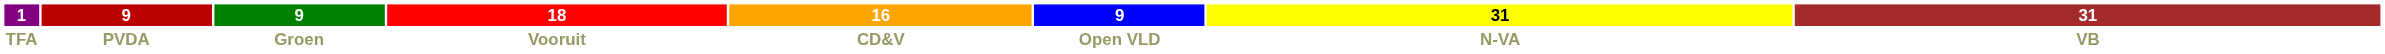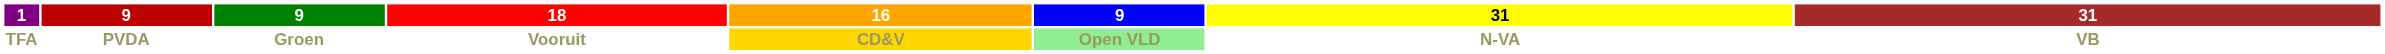 <table style="width:100%; font-size:88%; text-align:center;">
 <tr style="font-weight:bold">
 <td style="background:purple; width:0.83%; color:white">1</td>
 <td style="background:#BB0000; width:7.26%; color:white">9</td>
 <td style="background:green; width:7.26%; color:white">9</td>
 <td style="background:red; width:14.52%; color:white">18</td>
 <td style="background:orange; width:12.90%; color:white">16</td>
 <td style="background:blue; width:7.26%; color:white">9</td>
 <td style="background:yellow; width:25%; color:black">31</td>
 <td style="background:brown; width:25%; color:white">31</td>
 </tr>
 <tr style="font-weight:bold; color:#996;">
 <td>TFA</td>
 <td>PVDA</td>
 <td>Groen</td>
 <td>Vooruit</td>
-<td>CD&V</td>
-<td>Open VLD</td>
+<td style="background: gold;">CD&V</td>
+<td style="background: lightgreen;">Open VLD</td>
 <td>N-VA</td>
 <td>VB</td>
 </tr>
 </table>
